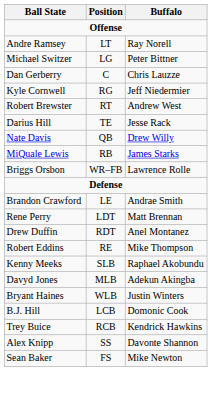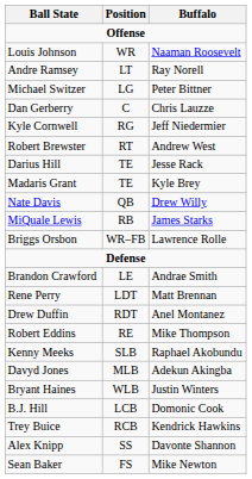 <table class="wikitable">
 <tr>
 <th width="125px">Ball State</th>
 <th>Position</th>
 <th width="125px">Buffalo</th>
 </tr>
 <tr>
 <td colspan="3" align="center"><strong>Offense</strong></td>
+</tr>
+<tr>
+<td>Louis Johnson</td>
+<td align="center">WR</td>
+<td><a href='#'>Naaman Roosevelt</a></td>
 </tr>
 <tr>
 <td>Andre Ramsey</td>
 <td align="center">LT</td>
 <td>Ray Norell</td>
 </tr>
 <tr>
 <td>Michael Switzer</td>
 <td align="center">LG</td>
 <td>Peter Bittner</td>
 </tr>
 <tr>
 <td>Dan Gerberry</td>
 <td align="center">C</td>
 <td>Chris Lauzze</td>
 </tr>
 <tr>
 <td>Kyle Cornwell</td>
 <td align="center">RG</td>
 <td>Jeff Niedermier</td>
 </tr>
 <tr>
 <td>Robert Brewster</td>
 <td align="center">RT</td>
 <td>Andrew West</td>
 </tr>
 <tr>
 <td>Darius Hill</td>
 <td align="center">TE</td>
 <td>Jesse Rack</td>
+</tr>
+<tr>
+<td>Madaris Grant</td>
+<td align="center">TE</td>
+<td>Kyle Brey</td>
 </tr>
 <tr>
 <td><a href='#'>Nate Davis</a></td>
 <td align="center">QB</td>
 <td><a href='#'>Drew Willy</a></td>
 </tr>
 <tr>
 <td><a href='#'>MiQuale Lewis</a></td>
 <td align="center">RB</td>
 <td><a href='#'>James Starks</a></td>
 </tr>
 <tr>
 <td>Briggs Orsbon</td>
 <td align="center">WR–FB</td>
 <td>Lawrence Rolle</td>
 </tr>
 <tr>
 <td colspan="3" align="center"><strong>Defense</strong></td>
 </tr>
 <tr>
 <td>Brandon Crawford</td>
 <td align="center">LE</td>
 <td>Andrae Smith</td>
 </tr>
 <tr>
 <td>Rene Perry</td>
 <td align="center">LDT</td>
 <td>Matt Brennan</td>
 </tr>
 <tr>
 <td>Drew Duffin</td>
 <td align="center">RDT</td>
 <td>Anel Montanez</td>
 </tr>
 <tr>
 <td>Robert Eddins</td>
 <td align="center">RE</td>
 <td>Mike Thompson</td>
 </tr>
 <tr>
 <td>Kenny Meeks</td>
 <td align="center">SLB</td>
 <td>Raphael Akobundu</td>
 </tr>
 <tr>
 <td>Davyd Jones</td>
 <td align="center">MLB</td>
 <td>Adekun Akingba</td>
 </tr>
 <tr>
 <td>Bryant Haines</td>
 <td align="center">WLB</td>
 <td>Justin Winters</td>
 </tr>
 <tr>
 <td>B.J. Hill</td>
 <td align="center">LCB</td>
 <td>Domonic Cook</td>
 </tr>
 <tr>
 <td>Trey Buice</td>
 <td align="center">RCB</td>
 <td>Kendrick Hawkins</td>
 </tr>
 <tr>
 <td>Alex Knipp</td>
 <td align="center">SS</td>
 <td>Davonte Shannon</td>
 </tr>
 <tr>
 <td>Sean Baker</td>
 <td align="center">FS</td>
 <td>Mike Newton</td>
 </tr>
 </table>
